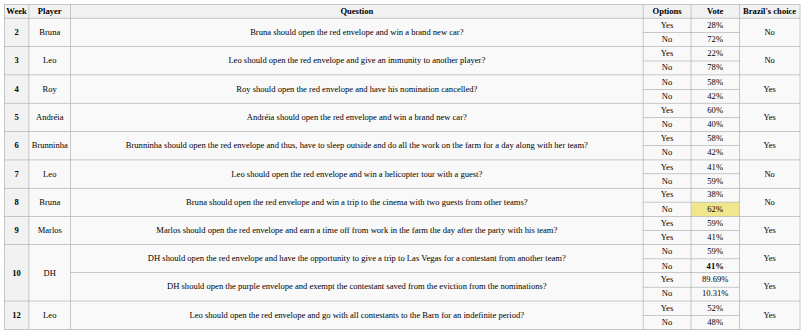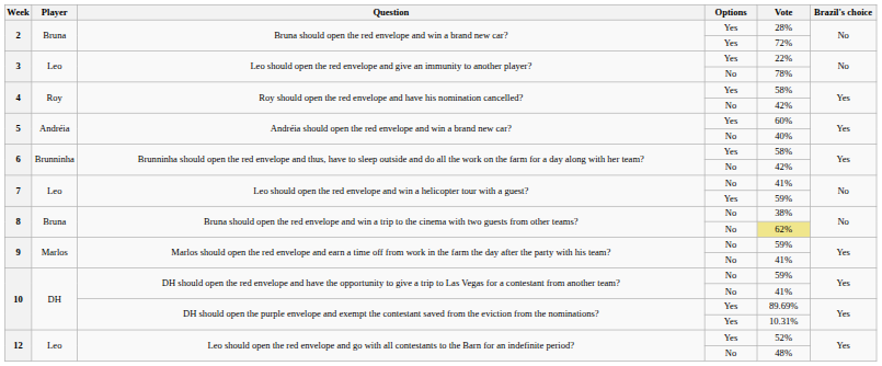 <table class="wikitable" style="text-align:center; font-size:85%; width:100%;">
 <tr>
 <th width=10>Week</th>
 <th width=60>Player</th>
 <th>Question</th>
 <th width=70>Options</th>
 <th width=70>Vote</th>
 <th width=90>Brazil's choice</th>
 </tr>
 <tr>
 <th rowspan=2>2</th>
 <td rowspan=2>Bruna</td>
 <td rowspan=2>Bruna should open the red envelope and win a brand new car?</td>
 <td>Yes</td>
 <td>28%</td>
 <td rowspan=2>No</td>
 </tr>
 <tr>
-<td>No</td>
+<td>Yes</td>
 <td>72%</td>
 </tr>
 <tr>
 <th rowspan=2>3</th>
 <td rowspan=2>Leo</td>
 <td rowspan=2>Leo should open the red envelope and give an immunity to another player?</td>
 <td>Yes</td>
 <td>22%</td>
 <td rowspan=2>No</td>
 </tr>
 <tr>
 <td>No</td>
 <td>78%</td>
 </tr>
 <tr>
 <th rowspan=2>4</th>
 <td rowspan=2>Roy</td>
 <td rowspan=2>Roy should open the red envelope and have his nomination cancelled?</td>
-<td>No</td>
+<td>Yes</td>
 <td>58%</td>
 <td rowspan=2>Yes</td>
 </tr>
 <tr>
 <td>No</td>
 <td>42%</td>
 </tr>
 <tr>
 <th rowspan=2>5</th>
 <td rowspan=2>Andréia</td>
 <td rowspan=2>Andréia should open the red envelope and win a brand new car?</td>
 <td>Yes</td>
 <td>60%</td>
 <td rowspan=2>Yes</td>
 </tr>
 <tr>
 <td>No</td>
 <td>40%</td>
 </tr>
 <tr>
 <th rowspan=2>6</th>
 <td rowspan=2>Brunninha</td>
 <td rowspan=2>Brunninha should open the red envelope and thus, have to sleep outside and do all the work on the farm for a day along with her team?</td>
 <td>Yes</td>
 <td>58%</td>
 <td rowspan=2>Yes</td>
 </tr>
 <tr>
 <td>No</td>
 <td>42%</td>
 </tr>
 <tr>
 <th rowspan=2>7</th>
 <td rowspan=2>Leo</td>
 <td rowspan=2>Leo should open the red envelope and win a helicopter tour with a guest?</td>
-<td>Yes</td>
+<td>No</td>
 <td>41%</td>
 <td rowspan=2>No</td>
 </tr>
 <tr>
-<td>No</td>
+<td>Yes</td>
 <td>59%</td>
 </tr>
 <tr>
 <th rowspan=2>8</th>
 <td rowspan=2>Bruna</td>
 <td rowspan=2>Bruna should open the red envelope and win a trip to the cinema with two guests from other teams?</td>
-<td>Yes</td>
+<td>No</td>
 <td>38%</td>
 <td rowspan=2>No</td>
 </tr>
 <tr>
 <td>No</td>
 <td style="background: khaki;">62%</td>
 </tr>
 <tr>
 <th rowspan=2>9</th>
 <td rowspan=2>Marlos</td>
 <td rowspan=2>Marlos should open the red envelope and earn a time off from work in the farm the day after the party with his team?</td>
-<td>Yes</td>
+<td>No</td>
 <td>59%</td>
 <td rowspan=2>Yes</td>
 </tr>
 <tr>
-<td>Yes</td>
+<td>No</td>
 <td>41%</td>
 </tr>
 <tr>
 <th rowspan=4>10</th>
 <td rowspan=4>DH</td>
 <td rowspan=2>DH should open the red envelope and have the opportunity to give a trip to Las Vegas for a contestant from another team?</td>
 <td>No</td>
 <td>59%</td>
 <td rowspan=2>Yes</td>
 </tr>
 <tr>
 <td>No</td>
-<td><strong>41%</strong></td>
+<td>41%</td>
 </tr>
 <tr>
 <td rowspan=2>DH should open the purple envelope and exempt the contestant saved from the eviction from the nominations?</td>
 <td>Yes</td>
 <td>89.69%</td>
 <td rowspan=2>Yes</td>
 </tr>
 <tr>
-<td>No</td>
+<td>Yes</td>
 <td>10.31%</td>
 </tr>
 <tr>
 <th rowspan=2>12</th>
 <td rowspan=2>Leo</td>
 <td rowspan=2>Leo should open the red envelope and go with all contestants to the Barn for an indefinite period?</td>
 <td>Yes</td>
 <td>52%</td>
 <td rowspan=2>Yes</td>
 </tr>
 <tr>
 <td>No</td>
 <td>48%</td>
 </tr>
 </table>
